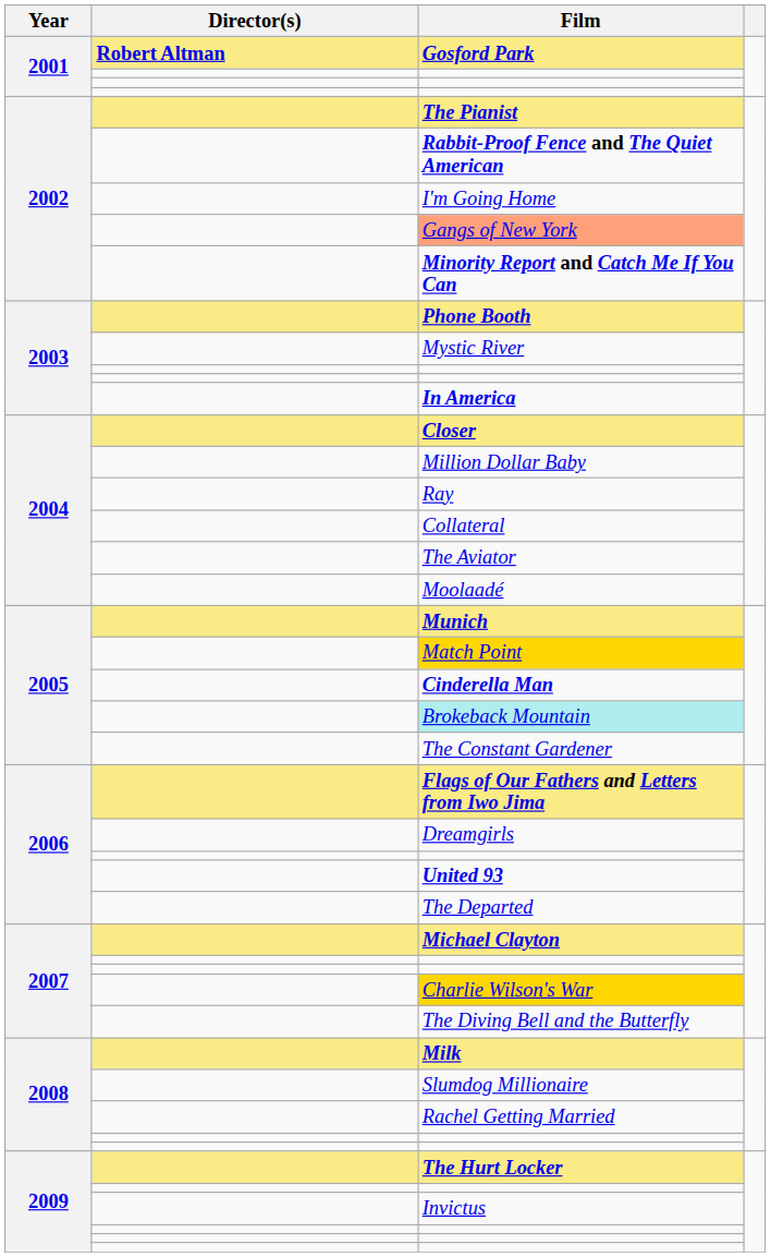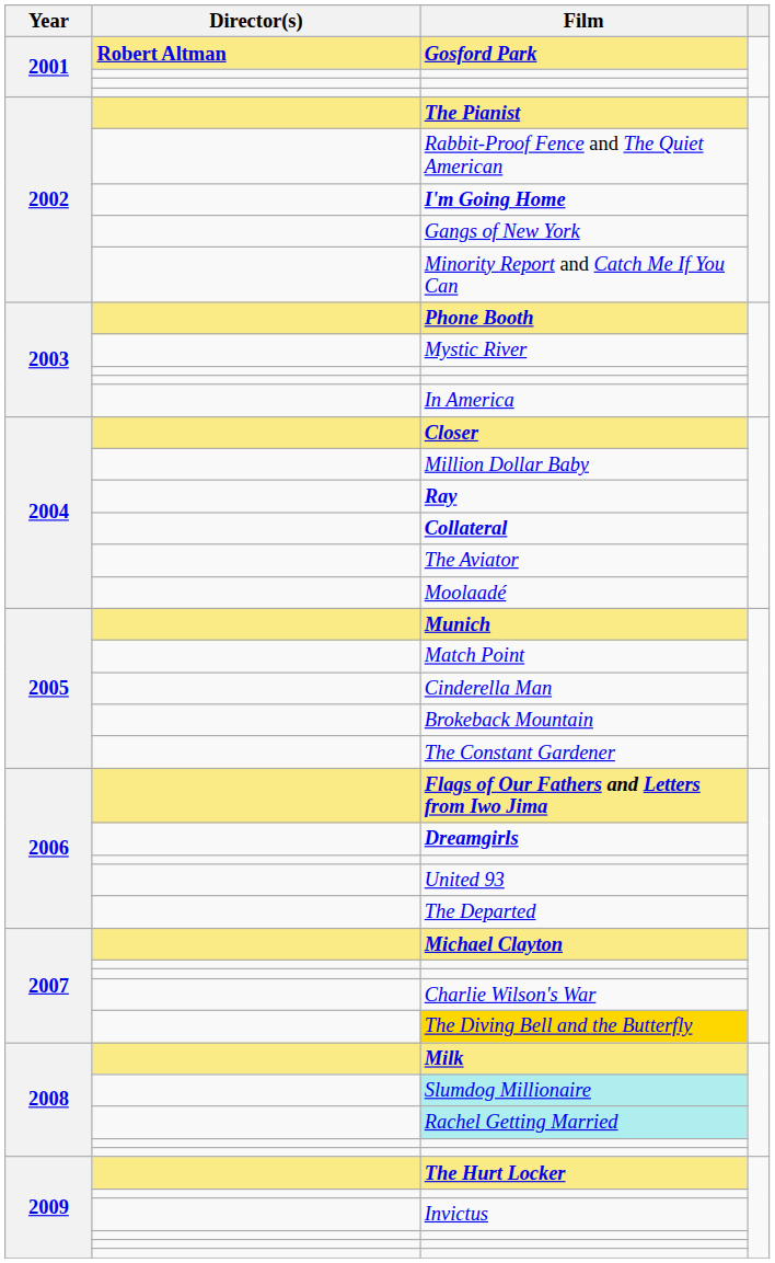 <table class="wikitable">
 <tr>
 <th scope="col" style="width:8%;">Year</th>
 <th scope="col" style="width:30%;">Director(s)</th>
 <th scope="col" style="width:30%;">Film</th>
 <th scope="col" style="width:2%;" class="unsortable"></th>
 </tr>
 <tr>
 <th scope="row" rowspan=4 style="text-align:center;"><a href='#'>2001</a><br></th>
 <td style="background:#FAEB86;"><strong><a href='#'>Robert Altman</a></strong></td>
 <td style="background:#FAEB86;"><strong><em><a href='#'>Gosford Park</a></em></strong></td>
 <td rowspan="4"></td>
 </tr>
 <tr>
 <td></td>
 <td></td>
 </tr>
 <tr>
 <td></td>
 <td></td>
 </tr>
 <tr>
 <td></td>
 <td></td>
 </tr>
 <tr>
 <th scope="row" rowspan=5 style="text-align:center;"><a href='#'>2002</a><br></th>
 <td style="background:#FAEB86;"><strong></strong></td>
 <td style="background:#FAEB86;"><strong><em><a href='#'>The Pianist</a></em></strong></td>
 <td rowspan="5"></td>
 </tr>
 <tr>
 <td></td>
-<td><strong><em><a href='#'>Rabbit-Proof Fence</a></em> and <em><a href='#'>The Quiet American</a></em></strong></td>
+<td><em><a href='#'>Rabbit-Proof Fence</a></em> and <em><a href='#'>The Quiet American</a></em></td>
 </tr>
 <tr>
 <td></td>
-<td><em><a href='#'>I'm Going Home</a></em></td>
+<td><strong><em><a href='#'>I'm Going Home</a></em></strong></td>
 </tr>
 <tr>
 <td></td>
-<td style="background: lightsalmon;"><em><a href='#'>Gangs of New York</a></em></td>
+<td><em><a href='#'>Gangs of New York</a></em></td>
 </tr>
 <tr>
 <td></td>
-<td><strong><em><a href='#'>Minority Report</a></em> and <em><a href='#'>Catch Me If You Can</a></em></strong></td>
+<td><em><a href='#'>Minority Report</a></em> and <em><a href='#'>Catch Me If You Can</a></em></td>
 </tr>
 <tr>
 <th scope="row" rowspan=5 style="text-align:center;"><a href='#'>2003</a><br></th>
 <td style="background:#FAEB86;"><strong></strong></td>
 <td style="background:#FAEB86;"><strong><em><a href='#'>Phone Booth</a></em></strong></td>
 <td rowspan="5"></td>
 </tr>
 <tr>
 <td></td>
 <td><em><a href='#'>Mystic River</a></em></td>
 </tr>
 <tr>
 <td></td>
 <td></td>
 </tr>
 <tr>
 <td></td>
 <td></td>
 </tr>
 <tr>
 <td></td>
-<td><strong><em><a href='#'>In America</a></em></strong></td>
+<td><em><a href='#'>In America</a></em></td>
 </tr>
 <tr>
 <th scope="row" rowspan=6 style="text-align:center;"><a href='#'>2004</a><br></th>
 <td style="background:#FAEB86;"><strong></strong></td>
 <td style="background:#FAEB86;"><strong><em><a href='#'>Closer</a></em></strong></td>
 <td rowspan="6"></td>
 </tr>
 <tr>
 <td></td>
 <td><em><a href='#'>Million Dollar Baby</a></em></td>
 </tr>
 <tr>
 <td></td>
-<td><em><a href='#'>Ray</a></em></td>
+<td><strong><em><a href='#'>Ray</a></em></strong></td>
 </tr>
 <tr>
 <td></td>
-<td><em><a href='#'>Collateral</a></em></td>
+<td><strong><em><a href='#'>Collateral</a></em></strong></td>
 </tr>
 <tr>
 <td></td>
 <td><em><a href='#'>The Aviator</a></em></td>
 </tr>
 <tr>
 <td></td>
 <td><em><a href='#'>Moolaadé</a></em></td>
 </tr>
 <tr>
 <th scope="row" rowspan=5 style="text-align:center;"><a href='#'>2005</a><br></th>
 <td style="background:#FAEB86;"><strong></strong></td>
 <td style="background:#FAEB86;"><strong><em><a href='#'>Munich</a></em></strong></td>
 <td rowspan="5"></td>
 </tr>
 <tr>
 <td></td>
-<td style="background: gold;"><em><a href='#'>Match Point</a></em></td>
+<td><em><a href='#'>Match Point</a></em></td>
 </tr>
 <tr>
 <td></td>
-<td><strong><em><a href='#'>Cinderella Man</a></em></strong></td>
+<td><em><a href='#'>Cinderella Man</a></em></td>
 </tr>
 <tr>
 <td></td>
-<td style="background: paleturquoise;"><em><a href='#'>Brokeback Mountain</a></em></td>
+<td><em><a href='#'>Brokeback Mountain</a></em></td>
 </tr>
 <tr>
 <td></td>
 <td><em><a href='#'>The Constant Gardener</a></em></td>
 </tr>
 <tr>
 <th scope="row" rowspan=5 style="text-align:center;"><a href='#'>2006</a><br></th>
 <td style="background:#FAEB86;"><strong></strong></td>
 <td style="background:#FAEB86;"><strong><em><a href='#'>Flags of Our Fathers</a><em> and </em><a href='#'>Letters from Iwo Jima</a></em></strong></td>
 <td rowspan="5"></td>
 </tr>
 <tr>
 <td></td>
-<td><em><a href='#'>Dreamgirls</a></em></td>
+<td><strong><em><a href='#'>Dreamgirls</a></em></strong></td>
 </tr>
 <tr>
 <td></td>
 <td></td>
 </tr>
 <tr>
 <td></td>
-<td><strong><em><a href='#'>United 93</a></em></strong></td>
+<td><em><a href='#'>United 93</a></em></td>
 </tr>
 <tr>
 <td></td>
 <td><em><a href='#'>The Departed</a></em></td>
 </tr>
 <tr>
 <th scope="row" rowspan=5 style="text-align:center;"><a href='#'>2007</a><br></th>
 <td style="background:#FAEB86;"><strong></strong></td>
 <td style="background:#FAEB86;"><strong><em><a href='#'>Michael Clayton</a></em></strong></td>
 <td rowspan="5"></td>
 </tr>
 <tr>
 <td></td>
 <td></td>
 </tr>
 <tr>
 <td></td>
 <td></td>
 </tr>
 <tr>
 <td></td>
-<td style="background: gold;"><em><a href='#'>Charlie Wilson's War</a></em></td>
+<td><em><a href='#'>Charlie Wilson's War</a></em></td>
 </tr>
 <tr>
 <td></td>
-<td><em><a href='#'>The Diving Bell and the Butterfly</a></em></td>
+<td style="background: gold;"><em><a href='#'>The Diving Bell and the Butterfly</a></em></td>
 </tr>
 <tr>
 <th scope="row" rowspan=5 style="text-align:center;"><a href='#'>2008</a><br></th>
 <td style="background:#FAEB86;"><strong></strong></td>
 <td style="background:#FAEB86;"><strong><em><a href='#'>Milk</a></em></strong></td>
 <td rowspan="5"></td>
 </tr>
 <tr>
 <td></td>
-<td><em><a href='#'>Slumdog Millionaire</a></em></td>
+<td style="background: paleturquoise;"><em><a href='#'>Slumdog Millionaire</a></em></td>
 </tr>
 <tr>
 <td></td>
-<td><em><a href='#'>Rachel Getting Married</a></em></td>
+<td style="background: paleturquoise;"><em><a href='#'>Rachel Getting Married</a></em></td>
 </tr>
 <tr>
 <td></td>
 <td></td>
 </tr>
 <tr>
 <td></td>
 <td></td>
 </tr>
 <tr>
 <th scope="row" rowspan=6 style="text-align:center;"><a href='#'>2009</a><br></th>
 <td style="background:#FAEB86;"><strong></strong></td>
 <td style="background:#FAEB86;"><strong><em><a href='#'>The Hurt Locker</a></em></strong></td>
 <td rowspan="6"></td>
 </tr>
 <tr>
 <td></td>
 <td></td>
 </tr>
 <tr>
 <td></td>
 <td><em><a href='#'>Invictus</a></em></td>
 </tr>
 <tr>
 <td></td>
 <td></td>
 </tr>
 <tr>
 <td></td>
 <td></td>
 </tr>
 <tr>
 <td></td>
 <td></td>
 </tr>
 </table>
